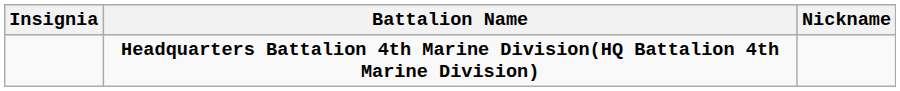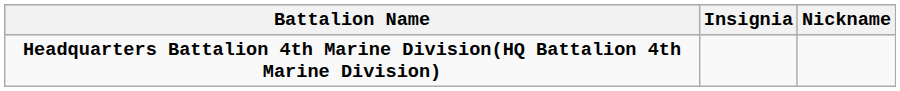 <table class="wikitable sortable" style="margin:1em auto; text-align:center;">
 <tr bgcolor="#CCCCCC">
+<th><strong>Battalion Name</strong></th>
 <th><strong>Insignia</strong></th>
-<th><strong>Battalion Name</strong></th>
 <th><strong>Nickname</strong></th>
 </tr>
 <tr>
+<td><strong>Headquarters Battalion 4th Marine Division(HQ Battalion 4th Marine Division)</strong></td>
 <td> </td>
-<td><strong>Headquarters Battalion 4th Marine Division(HQ Battalion 4th Marine Division)</strong></td>
 <td> </td>
 </tr>
 </table>
